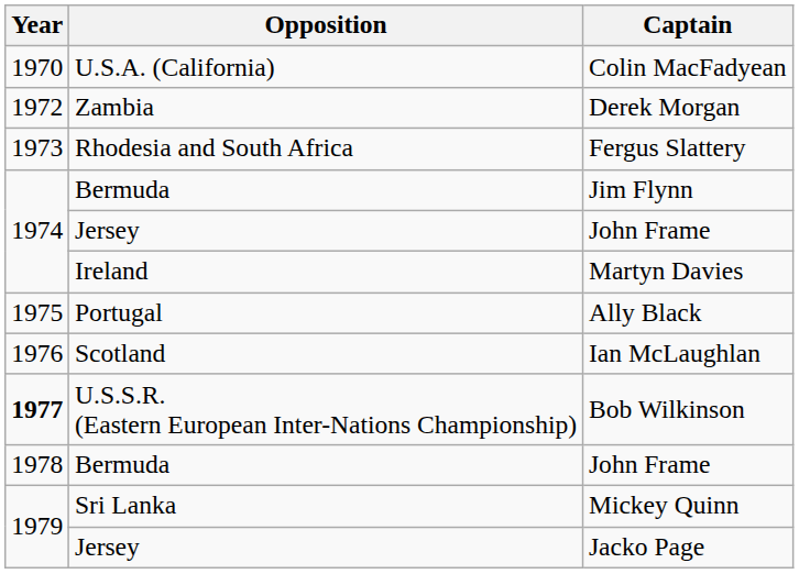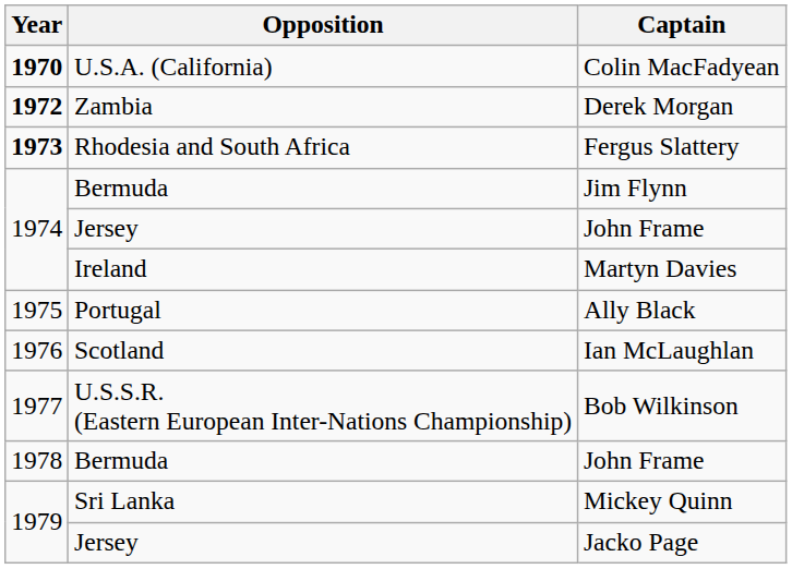 <table class="wikitable">
 <tr>
 <th>Year</th>
 <th>Opposition</th>
 <th>Captain</th>
 </tr>
 <tr>
-<td>1970</td>
+<td><strong>1970</strong></td>
 <td>U.S.A. (California)</td>
 <td>Colin MacFadyean </td>
 </tr>
 <tr>
-<td>1972</td>
+<td><strong>1972</strong></td>
 <td>Zambia</td>
 <td>Derek Morgan </td>
 </tr>
 <tr>
-<td>1973</td>
+<td><strong>1973</strong></td>
 <td>Rhodesia and South Africa</td>
 <td>Fergus Slattery </td>
 </tr>
 <tr>
 <td rowspan=3>1974</td>
 <td>Bermuda</td>
 <td>Jim Flynn </td>
 </tr>
 <tr>
 <td>Jersey</td>
 <td>John Frame </td>
 </tr>
 <tr>
 <td>Ireland</td>
 <td>Martyn Davies </td>
 </tr>
 <tr>
 <td>1975</td>
 <td>Portugal</td>
 <td>Ally Black </td>
 </tr>
 <tr>
 <td>1976</td>
 <td>Scotland</td>
 <td>Ian McLaughlan </td>
 </tr>
 <tr>
-<td><strong>1977</strong></td>
+<td>1977</td>
 <td>U.S.S.R. <br>(Eastern European Inter-Nations Championship)</td>
 <td>Bob Wilkinson </td>
 </tr>
 <tr>
 <td>1978</td>
 <td>Bermuda</td>
 <td>John Frame </td>
 </tr>
 <tr>
 <td rowspan=2>1979</td>
 <td>Sri Lanka</td>
 <td>Mickey Quinn </td>
 </tr>
 <tr>
 <td>Jersey</td>
 <td>Jacko Page </td>
 </tr>
 </table>
